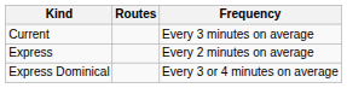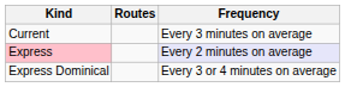 <table class="wikitable" style="margin-left: auto; margin-right: auto; border: none;">
 <tr>
 <th>Kind</th>
 <th>Routes</th>
 <th>Frequency</th>
 </tr>
 <tr>
 <td>Current</td>
 <td></td>
 <td>Every 3 minutes on average</td>
 </tr>
 <tr>
-<td>Express</td>
+<td style="background: pink;">Express</td>
 <td> </td>
-<td>Every 2 minutes on average</td>
+<td style="background: lavender;">Every 2 minutes on average</td>
 </tr>
 <tr>
 <td>Express Dominical</td>
 <td> </td>
 <td>Every 3 or 4 minutes on average</td>
 </tr>
 </table>
